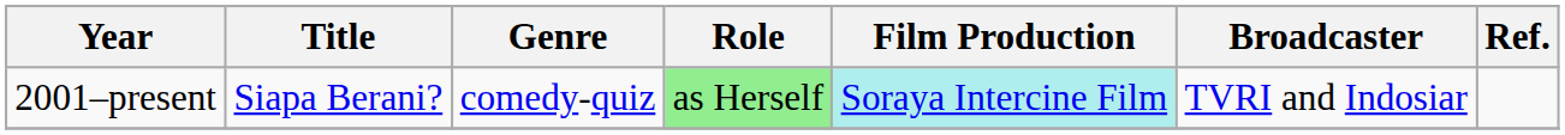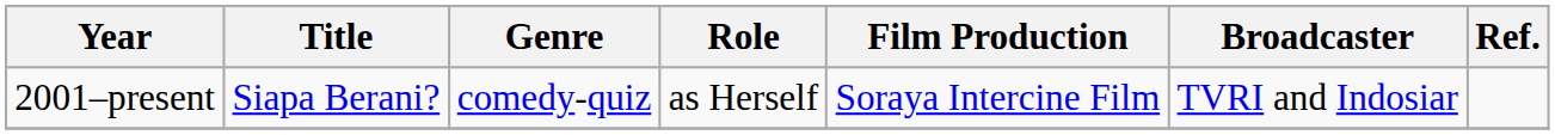 <table class="wikitable" style="font-size: 95%;">
 <tr>
 <th>Year</th>
 <th>Title</th>
 <th>Genre</th>
 <th>Role</th>
 <th>Film Production</th>
 <th>Broadcaster</th>
 <th>Ref.</th>
 </tr>
 <tr>
 <td>2001–present</td>
 <td><a href='#'>Siapa Berani?</a></td>
 <td><a href='#'>comedy</a>-<a href='#'>quiz</a></td>
-<td style="background: lightgreen;">as Herself</td>
-<td style="background: paleturquoise;"><a href='#'>Soraya Intercine Film</a></td>
+<td>as Herself</td>
+<td><a href='#'>Soraya Intercine Film</a></td>
 <td><a href='#'>TVRI</a> and <a href='#'>Indosiar</a></td>
 <td></td>
 </tr>
 <tr>
 </tr>
 </table>
